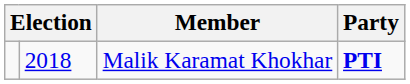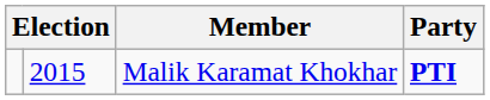 <table class="wikitable">
 <tr>
 <th colspan="2">Election</th>
 <th>Member</th>
 <th>Party</th>
 </tr>
 <tr>
 <td style="background-color: "></td>
-<td><a href='#'>2018</a></td>
+<td><a href='#'>2015</a></td>
 <td><a href='#'>Malik Karamat Khokhar</a></td>
 <td><strong><a href='#'>PTI</a></strong></td>
 </tr>
 </table>
